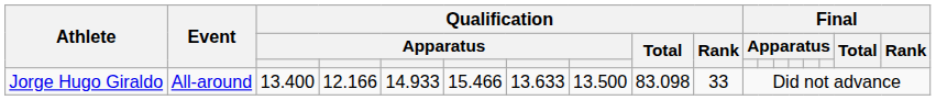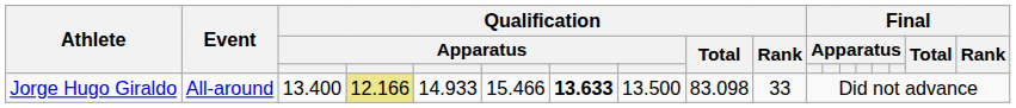 <table class="wikitable" style="font-size:90%">
 <tr>
 <th rowspan=3>Athlete</th>
 <th rowspan=3>Event</th>
 <th colspan =8>Qualification</th>
 <th colspan =8>Final</th>
 </tr>
 <tr style="font-size:95%">
 <th colspan=6>Apparatus</th>
 <th rowspan=2>Total</th>
 <th rowspan=2>Rank</th>
 <th colspan=6>Apparatus</th>
 <th rowspan=2>Total</th>
 <th rowspan=2>Rank</th>
 </tr>
 <tr style="font-size:95%">
 <th></th>
 <th></th>
 <th></th>
 <th></th>
 <th></th>
 <th></th>
 <th></th>
 <th></th>
 <th></th>
 <th></th>
 <th></th>
 <th></th>
 </tr>
 <tr align=center>
 <td align=left><a href='#'>Jorge Hugo Giraldo</a></td>
 <td align=left><a href='#'>All-around</a></td>
 <td>13.400</td>
-<td>12.166</td>
+<td style="background: khaki;">12.166</td>
 <td>14.933</td>
 <td>15.466</td>
-<td>13.633</td>
+<td><strong>13.633</strong></td>
 <td>13.500</td>
 <td>83.098</td>
 <td>33</td>
 <td colspan=8>Did not advance</td>
 </tr>
 </table>
